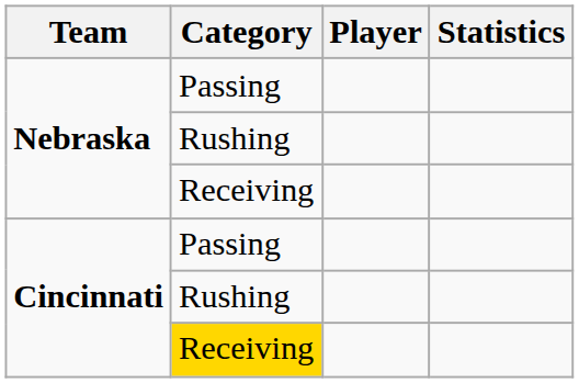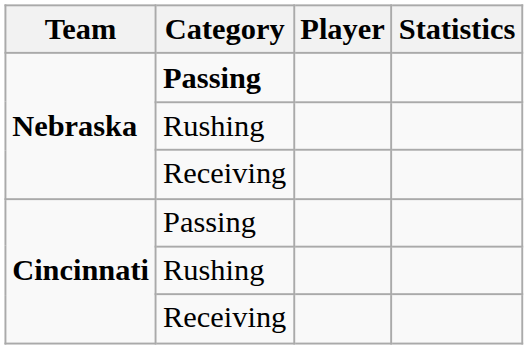 <table class="wikitable" style="float: right;">
 <tr>
 <th>Team</th>
 <th>Category</th>
 <th>Player</th>
 <th>Statistics</th>
 </tr>
 <tr>
 <td rowspan=3><strong>Nebraska</strong></td>
-<td>Passing</td>
+<td><strong>Passing</strong></td>
 <td></td>
 <td></td>
 </tr>
 <tr>
 <td>Rushing</td>
 <td></td>
 <td></td>
 </tr>
 <tr>
 <td>Receiving</td>
 <td></td>
 <td></td>
 </tr>
 <tr>
 <td rowspan=3><strong>Cincinnati</strong></td>
 <td>Passing</td>
 <td></td>
 <td></td>
 </tr>
 <tr>
 <td>Rushing</td>
 <td></td>
 <td></td>
 </tr>
 <tr>
-<td style="background: gold;">Receiving</td>
+<td>Receiving</td>
 <td></td>
 <td></td>
 </tr>
 </table>
